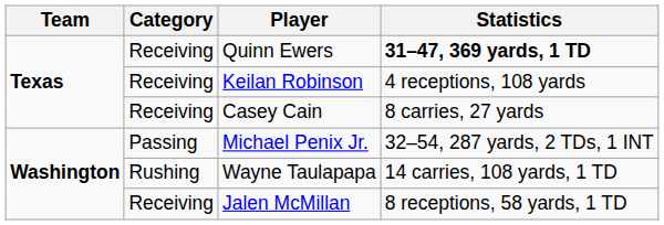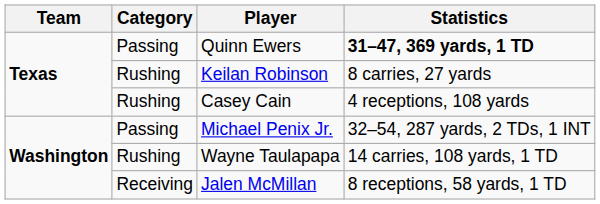 <table class="wikitable" style="float: right;">
 <tr>
 <th>Team</th>
 <th>Category</th>
 <th>Player</th>
 <th>Statistics</th>
 </tr>
 <tr>
 <td rowspan=3><strong>Texas</strong></td>
-<td>Receiving</td>
+<td>Passing</td>
 <td>Quinn Ewers</td>
 <td><strong>31–47, 369 yards, 1 TD</strong></td>
 </tr>
 <tr>
-<td>Receiving</td>
+<td>Rushing</td>
 <td><a href='#'>Keilan Robinson</a></td>
-<td>4 receptions, 108 yards</td>
+<td>8 carries, 27 yards</td>
 </tr>
 <tr>
-<td>Receiving</td>
+<td>Rushing</td>
 <td>Casey Cain</td>
-<td>8 carries, 27 yards</td>
+<td>4 receptions, 108 yards</td>
 </tr>
 <tr>
 <td rowspan=3><strong>Washington</strong></td>
 <td>Passing</td>
 <td><a href='#'>Michael Penix Jr.</a></td>
 <td>32–54, 287 yards, 2 TDs, 1 INT</td>
 </tr>
 <tr>
 <td>Rushing</td>
 <td>Wayne Taulapapa</td>
 <td>14 carries, 108 yards, 1 TD</td>
 </tr>
 <tr>
 <td>Receiving</td>
 <td><a href='#'>Jalen McMillan</a></td>
 <td>8 receptions, 58 yards, 1 TD</td>
 </tr>
 </table>
